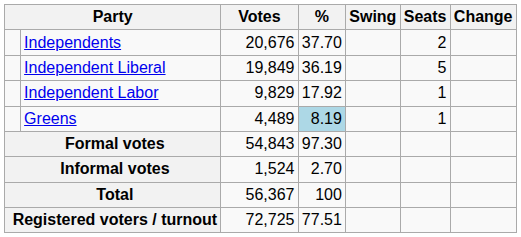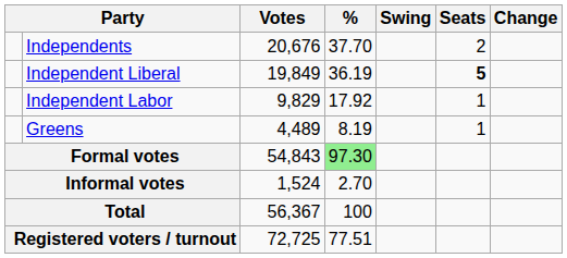 <table class="wikitable" style="text-align:right; margin-bottom:0">
 <tr>
 <th style="width:10px" colspan=3>Party</th>
 <th style="width:70px;">Votes</th>
 <th style="width:40px;">%</th>
 <th style="width:40px;">Swing</th>
 <th style="width:40px;">Seats</th>
 <th style="width:40px;">Change</th>
 </tr>
 <tr>
 <td> </td>
 <td style="text-align:left;" colspan="2"><a href='#'>Independents</a></td>
 <td>20,676</td>
 <td>37.70</td>
 <td></td>
 <td>2</td>
 <td></td>
 </tr>
 <tr>
 <td> </td>
 <td style="text-align:left;" colspan="2"><a href='#'>Independent Liberal</a></td>
 <td>19,849</td>
 <td>36.19</td>
 <td></td>
-<td>5</td>
+<td><strong>5</strong></td>
 <td></td>
 </tr>
 <tr>
 <td> </td>
 <td style="text-align:left;" colspan="2"><a href='#'>Independent Labor</a></td>
 <td>9,829</td>
 <td>17.92</td>
 <td></td>
 <td>1</td>
 <td></td>
 </tr>
 <tr>
 <td> </td>
 <td style="text-align:left;" colspan="2"><a href='#'>Greens</a></td>
 <td>4,489</td>
-<td style="background: lightblue;">8.19</td>
+<td>8.19</td>
 <td></td>
 <td>1</td>
 <td></td>
 </tr>
 <tr>
 <th colspan="3" rowspan="1"> Formal votes</th>
 <td>54,843</td>
-<td>97.30</td>
+<td style="background: lightgreen;">97.30</td>
 <td></td>
 <td></td>
 <td></td>
 </tr>
 <tr>
 <th colspan="3" rowspan="1"> Informal votes</th>
 <td>1,524</td>
 <td>2.70</td>
 <td></td>
 <td></td>
 <td></td>
 </tr>
 <tr>
 <th colspan="3" rowspan="1"> Total</th>
 <td>56,367</td>
 <td>100</td>
 <td></td>
 <td></td>
 <td></td>
 </tr>
 <tr>
 <th colspan="3" rowspan="1"> Registered voters / turnout</th>
 <td>72,725</td>
 <td>77.51</td>
 <td></td>
 <td></td>
 <td></td>
 </tr>
 </table>
